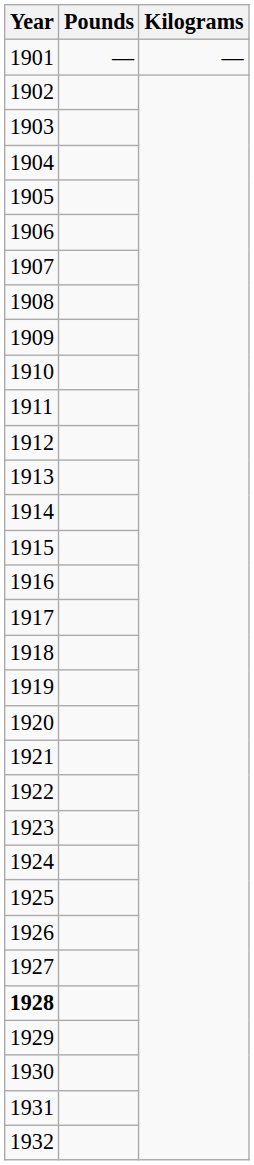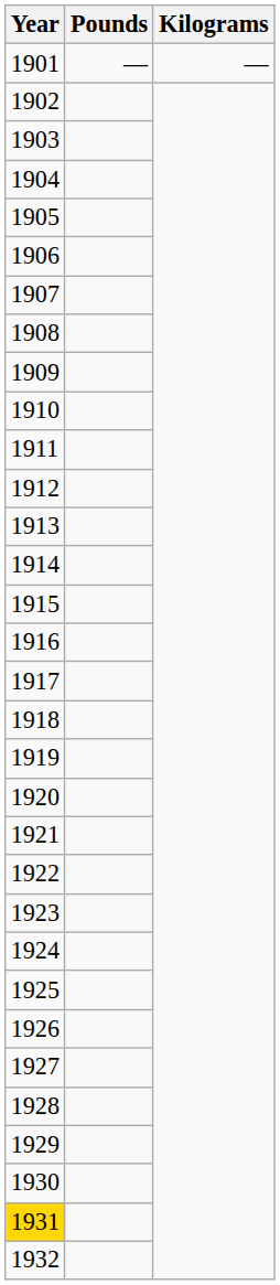 <table class="wikitable sortable sortable">
 <tr>
 <th scope="col">Year</th>
 <th scope="col">Pounds</th>
 <th scope="col">Kilograms</th>
 </tr>
 <tr>
 <td>1901</td>
 <td align=right>—</td>
 <td align=right>—</td>
 </tr>
 <tr>
 <td>1902</td>
 <td></td>
 </tr>
 <tr>
 <td>1903</td>
 <td></td>
 </tr>
 <tr>
 <td>1904</td>
 <td></td>
 </tr>
 <tr>
 <td>1905</td>
 <td></td>
 </tr>
 <tr>
 <td>1906</td>
 <td></td>
 </tr>
 <tr>
 <td>1907</td>
 <td></td>
 </tr>
 <tr>
 <td>1908</td>
 <td></td>
 </tr>
 <tr>
 <td>1909</td>
 <td></td>
 </tr>
 <tr>
 <td>1910</td>
 <td></td>
 </tr>
 <tr>
 <td>1911</td>
 <td></td>
 </tr>
 <tr>
 <td>1912</td>
 <td></td>
 </tr>
 <tr>
 <td>1913</td>
 <td></td>
 </tr>
 <tr>
 <td>1914</td>
 <td></td>
 </tr>
 <tr>
 <td>1915</td>
 <td></td>
 </tr>
 <tr>
 <td>1916</td>
 <td></td>
 </tr>
 <tr>
 <td>1917</td>
 <td></td>
 </tr>
 <tr>
 <td>1918</td>
 <td></td>
 </tr>
 <tr>
 <td>1919</td>
 <td></td>
 </tr>
 <tr>
 <td>1920</td>
 <td></td>
 </tr>
 <tr>
 <td>1921</td>
 <td></td>
 </tr>
 <tr>
 <td>1922</td>
 <td></td>
 </tr>
 <tr>
 <td>1923</td>
 <td></td>
 </tr>
 <tr>
 <td>1924</td>
 <td></td>
 </tr>
 <tr>
 <td>1925</td>
 <td></td>
 </tr>
 <tr>
 <td>1926</td>
 <td></td>
 </tr>
 <tr>
 <td>1927</td>
 <td></td>
 </tr>
 <tr>
-<td><strong>1928</strong></td>
+<td>1928</td>
 <td></td>
 </tr>
 <tr>
 <td>1929</td>
 <td></td>
 </tr>
 <tr>
 <td>1930</td>
 <td></td>
 </tr>
 <tr>
-<td>1931</td>
+<td style="background: gold;">1931</td>
 <td></td>
 </tr>
 <tr>
 <td>1932</td>
 <td></td>
 </tr>
 </table>
